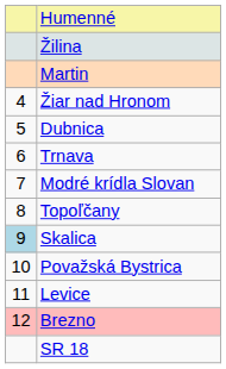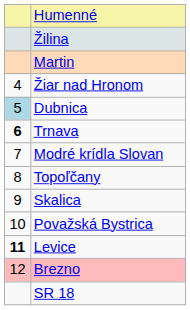 <table class="wikitable" style="width:200px;">
 <tr style="background:#F7F6A8;">
 <td align=center></td>
 <td><a href='#'>Humenné</a></td>
 </tr>
 <tr style="background:#DCE5E5;">
 <td align=center></td>
 <td><a href='#'>Žilina</a></td>
 </tr>
 <tr style="background:#FFDAB9;">
 <td align=center></td>
 <td><a href='#'>Martin</a></td>
 </tr>
 <tr>
 <td align=center>4</td>
 <td><a href='#'>Žiar nad Hronom</a></td>
 </tr>
 <tr>
-<td align=center>5</td>
+<td align=center style="background: lightblue;">5</td>
 <td><a href='#'>Dubnica</a></td>
 </tr>
 <tr>
-<td align=center>6</td>
+<td align=center><strong>6</strong></td>
 <td><a href='#'>Trnava</a></td>
 </tr>
 <tr>
 <td align=center>7</td>
 <td><a href='#'>Modré krídla Slovan</a></td>
 </tr>
 <tr>
 <td align=center>8</td>
 <td><a href='#'>Topoľčany</a></td>
 </tr>
 <tr>
-<td align=center style="background: lightblue;">9</td>
+<td align=center>9</td>
 <td><a href='#'>Skalica</a></td>
 </tr>
 <tr>
 <td align=center>10</td>
 <td><a href='#'>Považská Bystrica</a></td>
 </tr>
 <tr>
-<td align=center>11</td>
+<td align=center><strong>11</strong></td>
 <td><a href='#'>Levice</a></td>
 </tr>
 <tr style="background:#ffbbbb;">
 <td align=center>12</td>
 <td><a href='#'>Brezno</a></td>
 </tr>
 <tr>
 <td align=center> </td>
 <td><a href='#'>SR 18</a></td>
 </tr>
 </table>
